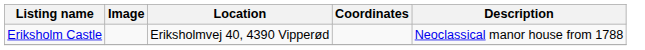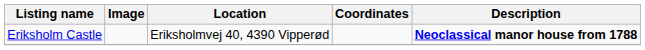 <table class="wikitable sortable">
 <tr>
 <th>Listing name</th>
 <th>Image</th>
 <th>Location</th>
 <th>Coordinates</th>
 <th>Description</th>
 </tr>
 <tr>
 <td><a href='#'>Eriksholm Castle</a></td>
 <td></td>
 <td>Eriksholmvej 40, 4390 Vipperød</td>
 <td></td>
-<td><a href='#'>Neoclassical</a> manor house from 1788</td>
+<td><strong><a href='#'>Neoclassical</a> manor house from 1788</strong></td>
 </tr>
 <tr>
 </tr>
 </table>
